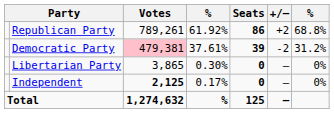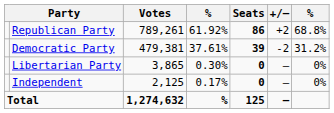 <table class="wikitable" style="font-size:100%; text-align:right;">
 <tr>
 <th colspan=2>Party</th>
 <th>Votes</th>
 <th>%</th>
 <th>Seats</th>
 <th>+/–</th>
 <th>%</th>
 </tr>
 <tr>
 <td style="background:"></td>
 <td align=left><a href='#'>Republican Party</a></td>
 <td>789,261</td>
 <td>61.92%</td>
 <td><strong>86</strong></td>
 <td>+2</td>
 <td>68.8%</td>
 </tr>
 <tr>
 <td style="background:"></td>
 <td align=left><a href='#'>Democratic Party</a></td>
-<td style="background: pink;">479,381</td>
+<td>479,381</td>
 <td>37.61%</td>
 <td><strong>39</strong></td>
 <td>-2</td>
 <td>31.2%</td>
 </tr>
 <tr>
 <td style="background:"></td>
 <td align=left><a href='#'>Libertarian Party</a></td>
 <td>3,865</td>
 <td>0.30%</td>
 <td><strong>0</strong></td>
 <td>–</td>
 <td>0%</td>
 </tr>
 <tr>
 <td style="background:"></td>
 <td align=left><a href='#'>Independent</a></td>
-<td><strong>2,125</strong></td>
+<td>2,125</td>
 <td>0.17%</td>
 <td><strong>0</strong></td>
 <td>–</td>
 <td>0%</td>
 </tr>
 <tr style="font-weight:bold">
 <td colspan=2 align=left>Total</td>
 <td>1,274,632</td>
 <td>%</td>
 <td>125</td>
 <td>–</td>
 </tr>
 </table>
